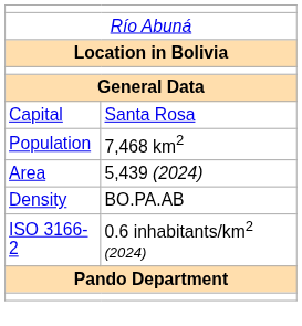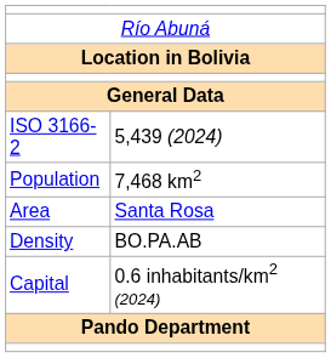 <table border=1 align=right cellpadding=3 cellspacing=0 width=270 style="margin: 0 0 1em 1em; border: 1px #aaa solid; border-collapse: collapse;">
 <tr>
 <td colspan="2" align="center" bgcolor="#ffffff"></td>
 </tr>
 <tr>
 <td colspan="2" align="center" bgcolor="#ffffff"><em><a href='#'>Río Abuná</a></em></td>
 </tr>
 <tr>
 <th colspan="2" bgcolor="#FFDEAD">Location in Bolivia</th>
 </tr>
 <tr>
 <td colspan="2" align="center" bgcolor="#ffffff"></td>
 </tr>
 <tr>
 <th colspan="2" bgcolor="#FFDEAD">General Data</th>
 </tr>
 <tr>
-<td><a href='#'>Capital</a></td>
-<td><a href='#'>Santa Rosa</a></td>
+<td><a href='#'>ISO 3166-2</a></td>
+<td>5,439 <em>(2024)</em></td>
 </tr>
 <tr>
 <td><a href='#'>Population</a></td>
 <td>7,468 km<sup>2</sup></td>
 </tr>
 <tr>
 <td><a href='#'>Area</a></td>
-<td>5,439 <em>(2024)</em></td>
+<td><a href='#'>Santa Rosa</a></td>
 </tr>
 <tr>
 <td><a href='#'>Density</a></td>
 <td>BO.PA.AB</td>
 </tr>
 <tr>
-<td><a href='#'>ISO 3166-2</a></td>
+<td><a href='#'>Capital</a></td>
 <td>0.6 inhabitants/km<sup>2</sup> <em><small>(2024)</small></em></td>
 </tr>
 <tr>
 <th colspan="2" bgcolor="#FFDEAD">Pando Department</th>
 </tr>
 <tr>
 <td colspan="2" align="center" bgcolor="#ffffff"></td>
 </tr>
 </table>
